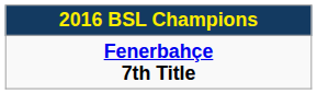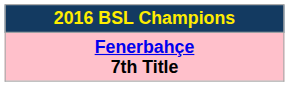 <table class="wikitable" style="margin: 0 auto; width: 20%;">
 <tr>
 <th style="background:#133A61 ; color:#FFED00">2016 BSL Champions</th>
 </tr>
 <tr>
-<td align=center><strong><a href='#'>Fenerbahçe</a></strong><br><strong>7th Title</strong> <br></td>
+<td align=center style="background: pink;"><strong><a href='#'>Fenerbahçe</a></strong><br><strong>7th Title</strong> <br></td>
 </tr>
 </table>
